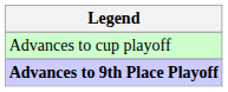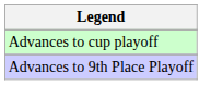 <table class="wikitable" style="font-size:92%;">
 <tr>
 <th colspan=2>Legend</th>
 </tr>
 <tr>
 </tr>
 <tr bgcolor=ccffcc>
 <td>Advances to cup playoff</td>
 </tr>
 <tr>
 </tr>
 <tr bgcolor=ccccff>
-<td><strong>Advances to 9th Place Playoff</strong></td>
+<td>Advances to 9th Place Playoff</td>
 </tr>
 </table>
